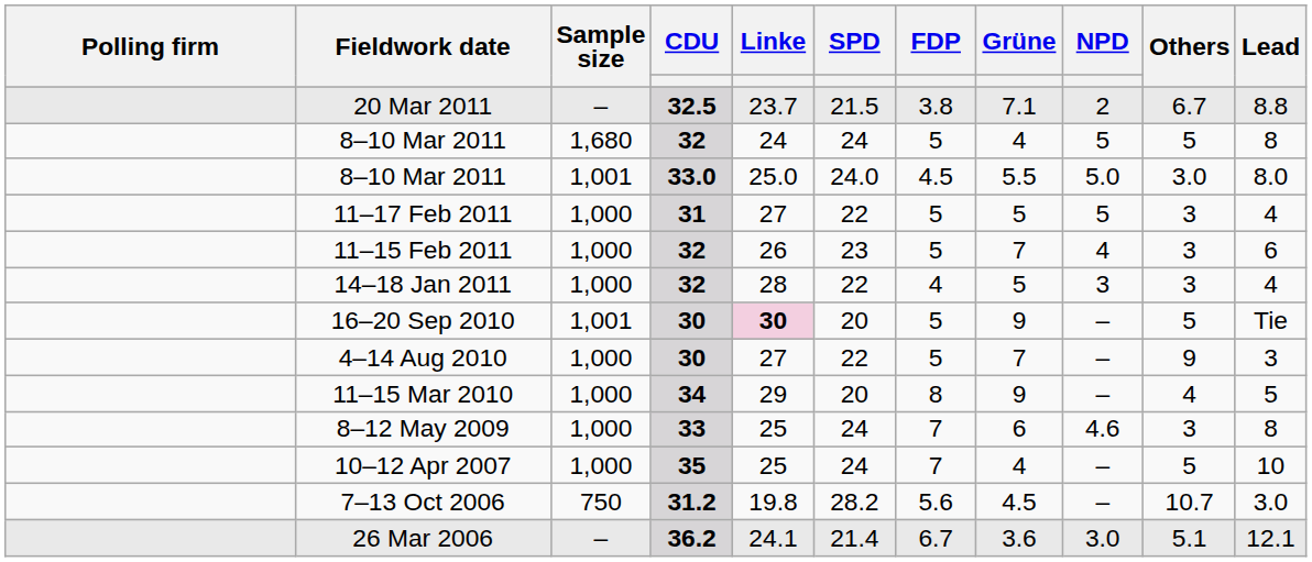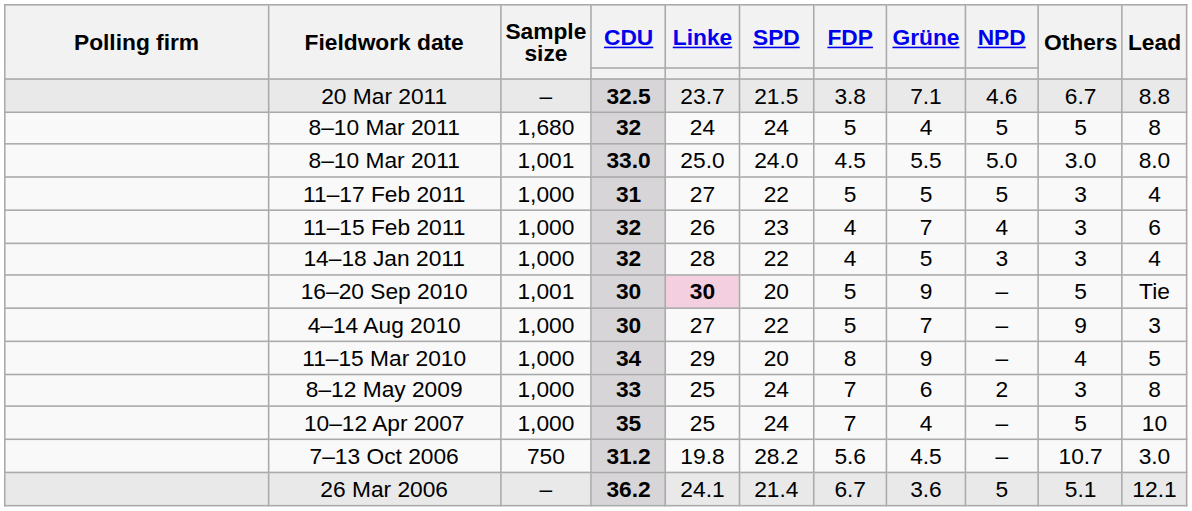 <table class="wikitable sortable" style="text-align:center;font-size:90%;line-height:14px;">
 <tr style="height:40px;">
 <th style="width:160px;" rowspan="2">Polling firm</th>
 <th style="width:140px;" rowspan="2">Fieldwork date</th>
 <th style="width:35px;" rowspan="2">Sample<br>size</th>
 <th class="unsortable" style="width:40px;"><a href='#'>CDU</a></th>
 <th class="unsortable" style="width:40px;"><a href='#'>Linke</a></th>
 <th class="unsortable" style="width:40px;"><a href='#'>SPD</a></th>
 <th class="unsortable" style="width:40px;"><a href='#'>FDP</a></th>
 <th class="unsortable" style="width:40px;"><a href='#'>Grüne</a></th>
 <th class="unsortable" style="width:40px;"><a href='#'>NPD</a></th>
 <th class="unsortable" style="width:40px;" rowspan="2">Others</th>
 <th style="width:30px;" rowspan="2">Lead</th>
 </tr>
 <tr>
 <th style="background:"></th>
 <th style="background:"></th>
 <th style="background:"></th>
 <th style="background:"></th>
 <th style="background:"></th>
 <th style="background:"></th>
 </tr>
 <tr style="background:#E9E9E9;">
 <td></td>
 <td data-sort-value="2011-03-20">20 Mar 2011</td>
 <td>–</td>
 <td style="background:#D7D5D7;"><strong>32.5</strong></td>
 <td>23.7</td>
 <td>21.5</td>
 <td>3.8</td>
 <td>7.1</td>
-<td>2</td>
+<td>4.6</td>
 <td>6.7</td>
 <td style="background:">8.8</td>
 </tr>
 <tr>
 <td></td>
 <td data-sort-value="2011-03-11">8–10 Mar 2011</td>
 <td>1,680</td>
 <td style="background:#D7D5D7;"><strong>32</strong></td>
 <td>24</td>
 <td>24</td>
 <td>5</td>
 <td>4</td>
 <td>5</td>
 <td>5</td>
 <td style="background:">8</td>
 </tr>
 <tr>
 <td></td>
 <td data-sort-value="2011-03-10">8–10 Mar 2011</td>
 <td>1,001</td>
 <td style="background:#D7D5D7;"><strong>33.0</strong></td>
 <td>25.0</td>
 <td>24.0</td>
 <td>4.5</td>
 <td>5.5</td>
 <td>5.0</td>
 <td>3.0</td>
 <td style="background:">8.0</td>
 </tr>
 <tr>
 <td></td>
 <td data-sort-value="2011-02-20">11–17 Feb 2011</td>
 <td>1,000</td>
 <td style="background:#D7D5D7;"><strong>31</strong></td>
 <td>27</td>
 <td>22</td>
 <td>5</td>
 <td>5</td>
 <td>5</td>
 <td>3</td>
 <td style="background:">4</td>
 </tr>
 <tr>
 <td></td>
 <td data-sort-value="2011-02-17">11–15 Feb 2011</td>
 <td>1,000</td>
 <td style="background:#D7D5D7;"><strong>32</strong></td>
 <td>26</td>
 <td>23</td>
-<td>5</td>
+<td>4</td>
 <td>7</td>
 <td>4</td>
 <td>3</td>
 <td style="background:">6</td>
 </tr>
 <tr>
 <td></td>
 <td data-sort-value="2011-01-20">14–18 Jan 2011</td>
 <td>1,000</td>
 <td style="background:#D7D5D7;"><strong>32</strong></td>
 <td>28</td>
 <td>22</td>
 <td>4</td>
 <td>5</td>
 <td>3</td>
 <td>3</td>
 <td style="background:">4</td>
 </tr>
 <tr>
 <td></td>
 <td data-sort-value="2010-09-23">16–20 Sep 2010</td>
 <td>1,001</td>
 <td style="background:#D7D5D7;"><strong>30</strong></td>
 <td style="background:#F3CFE0;"><strong>30</strong></td>
 <td>20</td>
 <td>5</td>
 <td>9</td>
 <td>–</td>
 <td>5</td>
 <td data-sort-value="0">Tie</td>
 </tr>
 <tr>
 <td></td>
 <td data-sort-value="2010-08-25">4–14 Aug 2010</td>
 <td>1,000</td>
 <td style="background:#D7D5D7;"><strong>30</strong></td>
 <td>27</td>
 <td>22</td>
 <td>5</td>
 <td>7</td>
 <td>–</td>
 <td>9</td>
 <td style="background:">3</td>
 </tr>
 <tr>
 <td></td>
 <td data-sort-value="2010-03-17">11–15 Mar 2010</td>
 <td>1,000</td>
 <td style="background:#D7D5D7;"><strong>34</strong></td>
 <td>29</td>
 <td>20</td>
 <td>8</td>
 <td>9</td>
 <td>–</td>
 <td>4</td>
 <td style="background:">5</td>
 </tr>
 <tr>
 <td></td>
 <td data-sort-value="2009-05-14">8–12 May 2009</td>
 <td>1,000</td>
 <td style="background:#D7D5D7;"><strong>33</strong></td>
 <td>25</td>
 <td>24</td>
 <td>7</td>
 <td>6</td>
-<td>4.6</td>
+<td>2</td>
 <td>3</td>
 <td style="background:">8</td>
 </tr>
 <tr>
 <td></td>
 <td data-sort-value="2007-04-13">10–12 Apr 2007</td>
 <td>1,000</td>
 <td style="background:#D7D5D7;"><strong>35</strong></td>
 <td>25</td>
 <td>24</td>
 <td>7</td>
 <td>4</td>
 <td>–</td>
 <td>5</td>
 <td style="background:">10</td>
 </tr>
 <tr>
 <td></td>
 <td data-sort-value="2006-11-11">7–13 Oct 2006</td>
 <td>750</td>
 <td style="background:#D7D5D7;"><strong>31.2</strong></td>
 <td>19.8</td>
 <td>28.2</td>
 <td>5.6</td>
 <td>4.5</td>
 <td>–</td>
 <td>10.7</td>
 <td style="background:">3.0</td>
 </tr>
 <tr style="background:#E9E9E9;">
 <td></td>
 <td data-sort-value="2006-03-26">26 Mar 2006</td>
 <td>–</td>
 <td style="background:#D7D5D7;"><strong>36.2</strong></td>
 <td>24.1</td>
 <td>21.4</td>
 <td>6.7</td>
 <td>3.6</td>
-<td>3.0</td>
+<td>5</td>
 <td>5.1</td>
 <td style="background:">12.1</td>
 </tr>
 </table>
